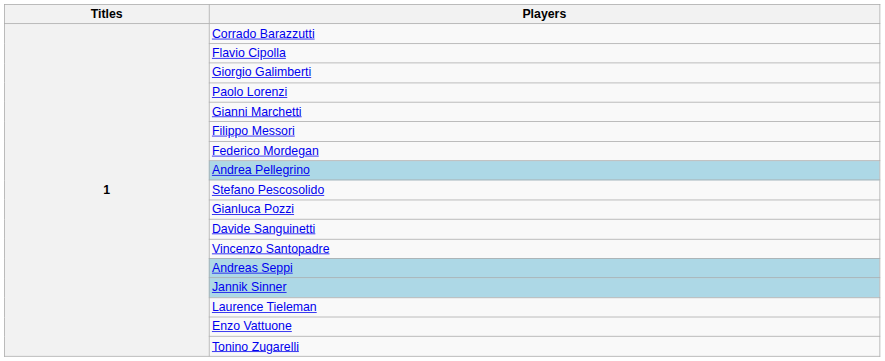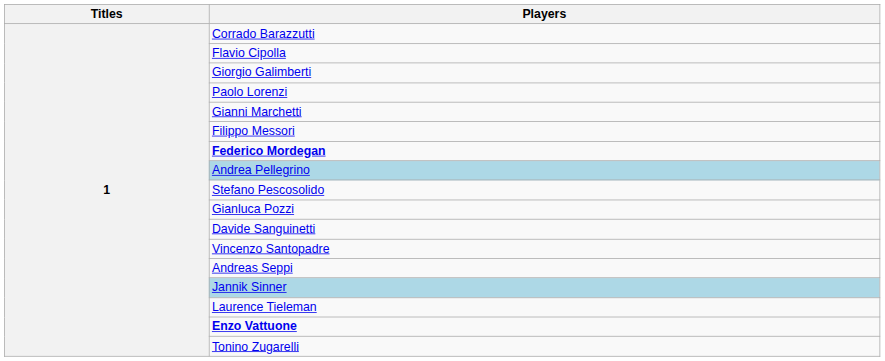 <table class="wikitable" width=90% style="font-size:100%; text-align:left;">
 <tr>
 <th>Titles</th>
 <th>Players</th>
 </tr>
 <tr>
 <th rowspan=17>1</th>
 <td><a href='#'>Corrado Barazzutti</a></td>
 </tr>
 <tr>
 <td><a href='#'>Flavio Cipolla</a></td>
 </tr>
 <tr>
 <td><a href='#'>Giorgio Galimberti</a></td>
 </tr>
 <tr>
 <td><a href='#'>Paolo Lorenzi</a></td>
 </tr>
 <tr>
 <td><a href='#'>Gianni Marchetti</a></td>
 </tr>
 <tr>
 <td><a href='#'>Filippo Messori</a></td>
 </tr>
 <tr>
-<td><a href='#'>Federico Mordegan</a></td>
+<td><strong><a href='#'>Federico Mordegan</a></strong></td>
 </tr>
 <tr>
 <td bgcolor=lightblue><a href='#'>Andrea Pellegrino</a></td>
 </tr>
 <tr>
 <td><a href='#'>Stefano Pescosolido</a></td>
 </tr>
 <tr>
 <td><a href='#'>Gianluca Pozzi</a></td>
 </tr>
 <tr>
 <td><a href='#'>Davide Sanguinetti</a></td>
 </tr>
 <tr>
 <td><a href='#'>Vincenzo Santopadre</a></td>
 </tr>
 <tr>
-<td style="background: lightblue;"><a href='#'>Andreas Seppi</a></td>
+<td><a href='#'>Andreas Seppi</a></td>
 </tr>
 <tr>
 <td bgcolor=lightblue><a href='#'>Jannik Sinner</a></td>
 </tr>
 <tr>
 <td><a href='#'>Laurence Tieleman</a></td>
 </tr>
 <tr>
-<td><a href='#'>Enzo Vattuone</a></td>
+<td><strong><a href='#'>Enzo Vattuone</a></strong></td>
 </tr>
 <tr>
 <td><a href='#'>Tonino Zugarelli</a></td>
 </tr>
 </table>
